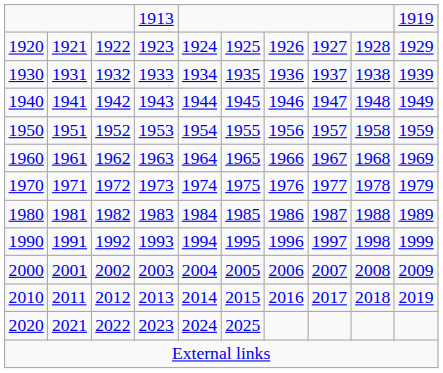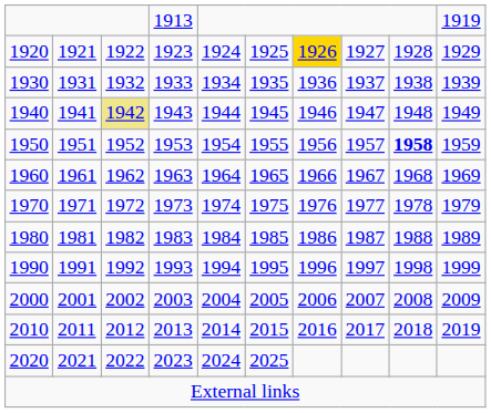 <table class="wikitable">
 <tr>
 <td colspan=3></td>
 <td><a href='#'>1913</a></td>
 <td colspan=5></td>
 <td><a href='#'>1919</a></td>
 </tr>
 <tr>
 <td><a href='#'>1920</a></td>
 <td><a href='#'>1921</a></td>
 <td><a href='#'>1922</a></td>
 <td><a href='#'>1923</a></td>
 <td><a href='#'>1924</a></td>
 <td><a href='#'>1925</a></td>
-<td><a href='#'>1926</a></td>
+<td style="background: gold;"><a href='#'>1926</a></td>
 <td><a href='#'>1927</a></td>
 <td><a href='#'>1928</a></td>
 <td><a href='#'>1929</a></td>
 </tr>
 <tr>
 <td><a href='#'>1930</a></td>
 <td><a href='#'>1931</a></td>
 <td><a href='#'>1932</a></td>
 <td><a href='#'>1933</a></td>
 <td><a href='#'>1934</a></td>
 <td><a href='#'>1935</a></td>
 <td><a href='#'>1936</a></td>
 <td><a href='#'>1937</a></td>
 <td><a href='#'>1938</a></td>
 <td><a href='#'>1939</a></td>
 </tr>
 <tr>
 <td><a href='#'>1940</a></td>
 <td><a href='#'>1941</a></td>
-<td><a href='#'>1942</a></td>
+<td style="background: khaki;"><a href='#'>1942</a></td>
 <td><a href='#'>1943</a></td>
 <td><a href='#'>1944</a></td>
 <td><a href='#'>1945</a></td>
 <td><a href='#'>1946</a></td>
 <td><a href='#'>1947</a></td>
 <td><a href='#'>1948</a></td>
 <td><a href='#'>1949</a></td>
 </tr>
 <tr>
 <td><a href='#'>1950</a></td>
 <td><a href='#'>1951</a></td>
 <td><a href='#'>1952</a></td>
 <td><a href='#'>1953</a></td>
 <td><a href='#'>1954</a></td>
 <td><a href='#'>1955</a></td>
 <td><a href='#'>1956</a></td>
 <td><a href='#'>1957</a></td>
-<td><a href='#'>1958</a></td>
+<td><strong><a href='#'>1958</a></strong></td>
 <td><a href='#'>1959</a></td>
 </tr>
 <tr>
 <td><a href='#'>1960</a></td>
 <td><a href='#'>1961</a></td>
 <td><a href='#'>1962</a></td>
 <td><a href='#'>1963</a></td>
 <td><a href='#'>1964</a></td>
 <td><a href='#'>1965</a></td>
 <td><a href='#'>1966</a></td>
 <td><a href='#'>1967</a></td>
 <td><a href='#'>1968</a></td>
 <td><a href='#'>1969</a></td>
 </tr>
 <tr>
 <td><a href='#'>1970</a></td>
 <td><a href='#'>1971</a></td>
 <td><a href='#'>1972</a></td>
 <td><a href='#'>1973</a></td>
 <td><a href='#'>1974</a></td>
 <td><a href='#'>1975</a></td>
 <td><a href='#'>1976</a></td>
 <td><a href='#'>1977</a></td>
 <td><a href='#'>1978</a></td>
 <td><a href='#'>1979</a></td>
 </tr>
 <tr>
 <td><a href='#'>1980</a></td>
 <td><a href='#'>1981</a></td>
 <td><a href='#'>1982</a></td>
 <td><a href='#'>1983</a></td>
 <td><a href='#'>1984</a></td>
 <td><a href='#'>1985</a></td>
 <td><a href='#'>1986</a></td>
 <td><a href='#'>1987</a></td>
 <td><a href='#'>1988</a></td>
 <td><a href='#'>1989</a></td>
 </tr>
 <tr>
 <td><a href='#'>1990</a></td>
 <td><a href='#'>1991</a></td>
 <td><a href='#'>1992</a></td>
 <td><a href='#'>1993</a></td>
 <td><a href='#'>1994</a></td>
 <td><a href='#'>1995</a></td>
 <td><a href='#'>1996</a></td>
 <td><a href='#'>1997</a></td>
 <td><a href='#'>1998</a></td>
 <td><a href='#'>1999</a></td>
 </tr>
 <tr>
 <td><a href='#'>2000</a></td>
 <td><a href='#'>2001</a></td>
 <td><a href='#'>2002</a></td>
 <td><a href='#'>2003</a></td>
 <td><a href='#'>2004</a></td>
 <td><a href='#'>2005</a></td>
 <td><a href='#'>2006</a></td>
 <td><a href='#'>2007</a></td>
 <td><a href='#'>2008</a></td>
 <td><a href='#'>2009</a></td>
 </tr>
 <tr>
 <td><a href='#'>2010</a></td>
 <td><a href='#'>2011</a></td>
 <td><a href='#'>2012</a></td>
 <td><a href='#'>2013</a></td>
 <td><a href='#'>2014</a></td>
 <td><a href='#'>2015</a></td>
 <td><a href='#'>2016</a></td>
 <td><a href='#'>2017</a></td>
 <td><a href='#'>2018</a></td>
 <td><a href='#'>2019</a></td>
 </tr>
 <tr>
 <td><a href='#'>2020</a></td>
 <td><a href='#'>2021</a></td>
 <td><a href='#'>2022</a></td>
 <td><a href='#'>2023</a></td>
 <td><a href='#'>2024</a></td>
 <td><a href='#'>2025</a></td>
 <td></td>
 <td></td>
 <td></td>
 </tr>
 <tr>
 <td colspan="10" align="center"><a href='#'>External links</a></td>
 </tr>
 </table>
